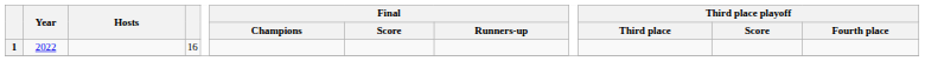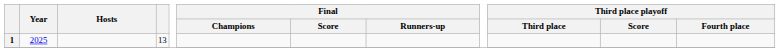 <table class="wikitable sortable" style="font-size:90%; text-align:center; width:100%;">
 <tr>
 <th rowspan=2 style="width:2%;"></th>
 <th rowspan=2 style="width:5%;">Year</th>
 <th rowspan=2 style="width:13%;">Hosts</th>
 <th rowspan=2></th>
 <td width="1%" rowspan=3 style="background-color:#ffffff;border-top-style:hidden; border-bottom-style:hidden;"></td>
 <th colspan=3>Final</th>
 <td width="1%" rowspan=3 style="background-color:#ffffff;border-top-style:hidden; border-bottom-style:hidden;"></td>
 <th colspan=3>Third place playoff</th>
 </tr>
 <tr>
 <th style="width:15%;">Champions</th>
 <th style="width:10%;">Score</th>
 <th style="width:15%;">Runners-up</th>
 <th style="width:15%;">Third place</th>
 <th style="width:10%;">Score</th>
 <th style="width:15%;">Fourth place</th>
 </tr>
 <tr>
 <th>1</th>
-<td><a href='#'>2022</a></td>
+<td><a href='#'>2025</a></td>
 <td align=left></td>
-<td>16</td>
+<td>13</td>
 <td></td>
 <td></td>
 <td></td>
 <td></td>
 <td></td>
 <td></td>
 </tr>
 <tr>
 </tr>
 </table>
